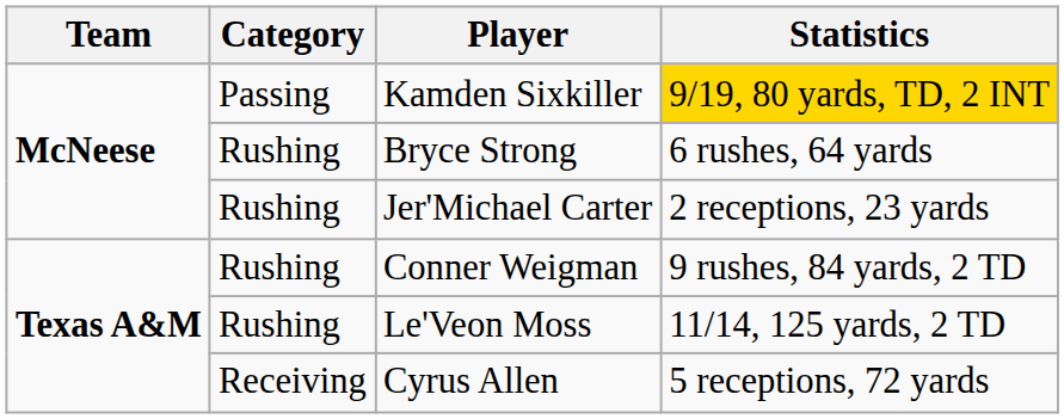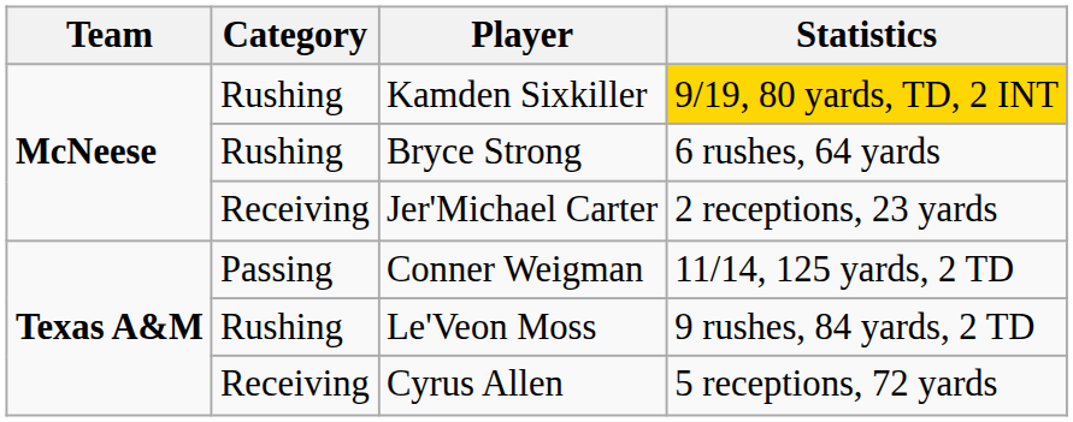 <table class="wikitable" style="float: right;">
 <tr>
 <th>Team</th>
 <th>Category</th>
 <th>Player</th>
 <th>Statistics</th>
 </tr>
 <tr>
 <td rowspan=3><strong>McNeese</strong></td>
-<td>Passing</td>
+<td>Rushing</td>
 <td>Kamden Sixkiller</td>
 <td style="background: gold;">9/19, 80 yards, TD, 2 INT</td>
 </tr>
 <tr>
 <td>Rushing</td>
 <td>Bryce Strong</td>
 <td>6 rushes, 64 yards</td>
 </tr>
 <tr>
-<td>Rushing</td>
+<td>Receiving</td>
 <td>Jer'Michael Carter</td>
 <td>2 receptions, 23 yards</td>
 </tr>
 <tr>
 <td rowspan=3><strong>Texas A&M</strong></td>
-<td>Rushing</td>
+<td>Passing</td>
 <td>Conner Weigman</td>
-<td>9 rushes, 84 yards, 2 TD</td>
+<td>11/14, 125 yards, 2 TD</td>
 </tr>
 <tr>
 <td>Rushing</td>
 <td>Le'Veon Moss</td>
-<td>11/14, 125 yards, 2 TD</td>
+<td>9 rushes, 84 yards, 2 TD</td>
 </tr>
 <tr>
 <td>Receiving</td>
 <td>Cyrus Allen</td>
 <td>5 receptions, 72 yards</td>
 </tr>
 </table>
